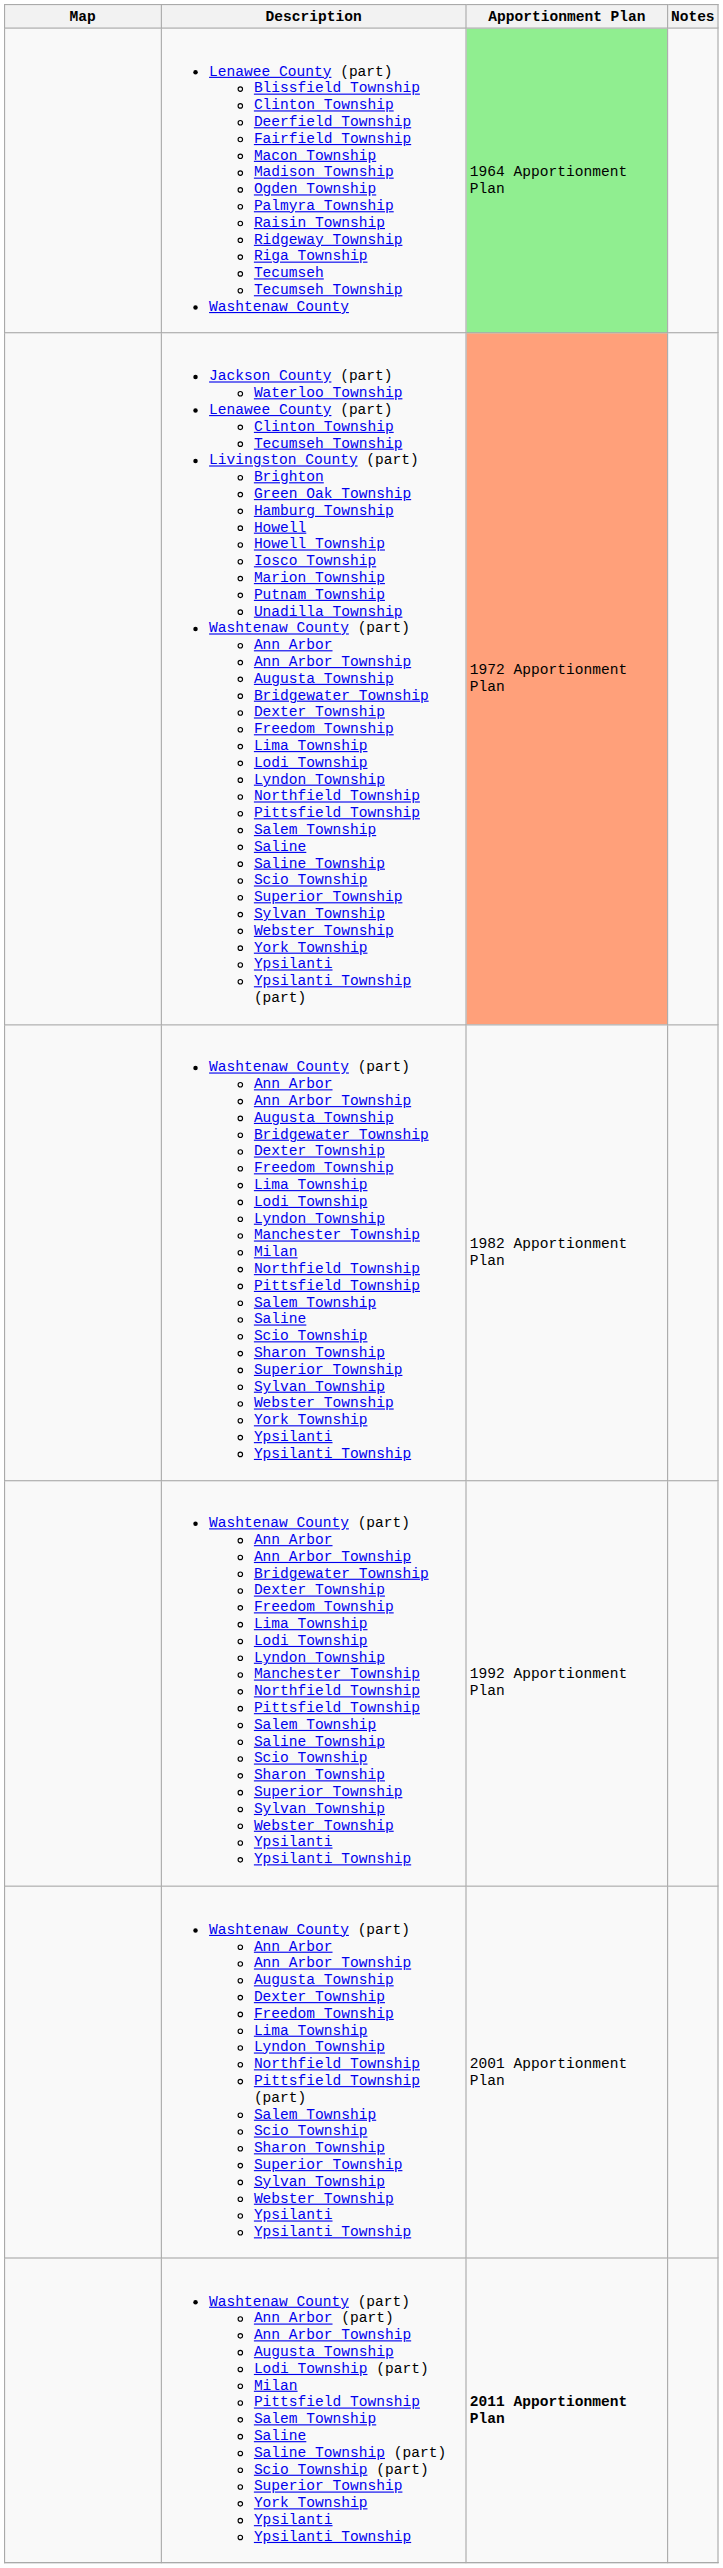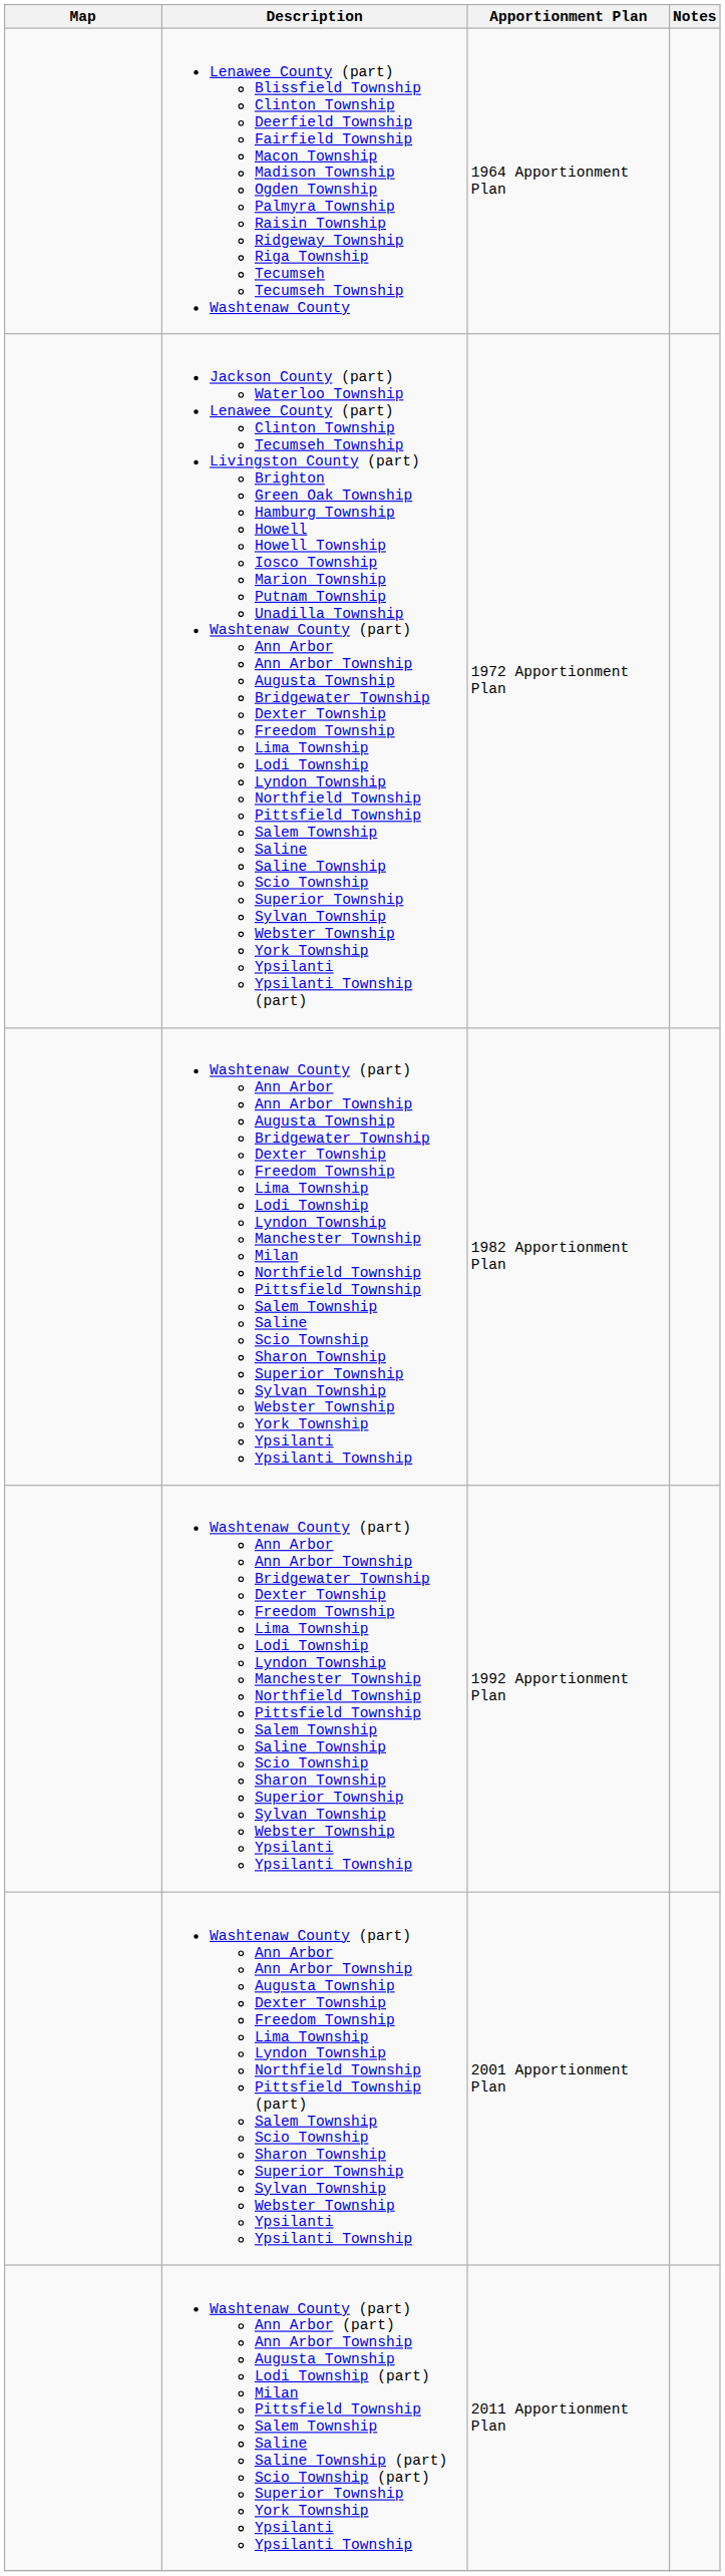 <table class="wikitable sortable">
 <tr>
 <th style="width:100pt;">Map</th>
 <th style="width:200pt;">Description</th>
 <th style="width:130pt;">Apportionment Plan</th>
 <th style="width:15pt;">Notes</th>
 </tr>
 <tr>
 <td></td>
 <td><br><ul><li><a href='#'>Lenawee County</a> (part)<ul><li><a href='#'>Blissfield Township</a></li><li><a href='#'>Clinton Township</a></li><li><a href='#'>Deerfield Township</a></li><li><a href='#'>Fairfield Township</a></li><li><a href='#'>Macon Township</a></li><li><a href='#'>Madison Township</a></li><li><a href='#'>Ogden Township</a></li><li><a href='#'>Palmyra Township</a></li><li><a href='#'>Raisin Township</a></li><li><a href='#'>Ridgeway Township</a></li><li><a href='#'>Riga Township</a></li><li><a href='#'>Tecumseh</a></li><li><a href='#'>Tecumseh Township</a></li></ul></li><li><a href='#'>Washtenaw County</a></li></ul></td>
-<td style="background: lightgreen;">1964 Apportionment Plan</td>
+<td>1964 Apportionment Plan</td>
 <td></td>
 </tr>
 <tr>
 <td></td>
 <td><br><ul><li><a href='#'>Jackson County</a> (part)<ul><li><a href='#'>Waterloo Township</a></li></ul></li><li><a href='#'>Lenawee County</a> (part)<ul><li><a href='#'>Clinton Township</a></li><li><a href='#'>Tecumseh Township</a></li></ul></li><li><a href='#'>Livingston County</a> (part)<ul><li><a href='#'>Brighton</a></li><li><a href='#'>Green Oak Township</a></li><li><a href='#'>Hamburg Township</a></li><li><a href='#'>Howell</a></li><li><a href='#'>Howell Township</a></li><li><a href='#'>Iosco Township</a></li><li><a href='#'>Marion Township</a></li><li><a href='#'>Putnam Township</a></li><li><a href='#'>Unadilla Township</a></li></ul></li><li><a href='#'>Washtenaw County</a> (part)<ul><li><a href='#'>Ann Arbor</a></li><li><a href='#'>Ann Arbor Township</a></li><li><a href='#'>Augusta Township</a></li><li><a href='#'>Bridgewater Township</a></li><li><a href='#'>Dexter Township</a></li><li><a href='#'>Freedom Township</a></li><li><a href='#'>Lima Township</a></li><li><a href='#'>Lodi Township</a></li><li><a href='#'>Lyndon Township</a></li><li><a href='#'>Northfield Township</a></li><li><a href='#'>Pittsfield Township</a></li><li><a href='#'>Salem Township</a></li><li><a href='#'>Saline</a></li><li><a href='#'>Saline Township</a></li><li><a href='#'>Scio Township</a></li><li><a href='#'>Superior Township</a></li><li><a href='#'>Sylvan Township</a></li><li><a href='#'>Webster Township</a></li><li><a href='#'>York Township</a></li><li><a href='#'>Ypsilanti</a></li><li><a href='#'>Ypsilanti Township</a> (part)</li></ul></li></ul></td>
-<td style="background: lightsalmon;">1972 Apportionment Plan</td>
+<td>1972 Apportionment Plan</td>
 <td></td>
 </tr>
 <tr>
 <td></td>
 <td><br><ul><li><a href='#'>Washtenaw County</a> (part)<ul><li><a href='#'>Ann Arbor</a></li><li><a href='#'>Ann Arbor Township</a></li><li><a href='#'>Augusta Township</a></li><li><a href='#'>Bridgewater Township</a></li><li><a href='#'>Dexter Township</a></li><li><a href='#'>Freedom Township</a></li><li><a href='#'>Lima Township</a></li><li><a href='#'>Lodi Township</a></li><li><a href='#'>Lyndon Township</a></li><li><a href='#'>Manchester Township</a></li><li><a href='#'>Milan</a></li><li><a href='#'>Northfield Township</a></li><li><a href='#'>Pittsfield Township</a></li><li><a href='#'>Salem Township</a></li><li><a href='#'>Saline</a></li><li><a href='#'>Scio Township</a></li><li><a href='#'>Sharon Township</a></li><li><a href='#'>Superior Township</a></li><li><a href='#'>Sylvan Township</a></li><li><a href='#'>Webster Township</a></li><li><a href='#'>York Township</a></li><li><a href='#'>Ypsilanti</a></li><li><a href='#'>Ypsilanti Township</a></li></ul></li></ul></td>
 <td>1982 Apportionment Plan</td>
 <td></td>
 </tr>
 <tr>
 <td></td>
 <td><br><ul><li><a href='#'>Washtenaw County</a> (part)<ul><li><a href='#'>Ann Arbor</a></li><li><a href='#'>Ann Arbor Township</a></li><li><a href='#'>Bridgewater Township</a></li><li><a href='#'>Dexter Township</a></li><li><a href='#'>Freedom Township</a></li><li><a href='#'>Lima Township</a></li><li><a href='#'>Lodi Township</a></li><li><a href='#'>Lyndon Township</a></li><li><a href='#'>Manchester Township</a></li><li><a href='#'>Northfield Township</a></li><li><a href='#'>Pittsfield Township</a></li><li><a href='#'>Salem Township</a></li><li><a href='#'>Saline Township</a></li><li><a href='#'>Scio Township</a></li><li><a href='#'>Sharon Township</a></li><li><a href='#'>Superior Township</a></li><li><a href='#'>Sylvan Township</a></li><li><a href='#'>Webster Township</a></li><li><a href='#'>Ypsilanti</a></li><li><a href='#'>Ypsilanti Township</a></li></ul></li></ul></td>
 <td>1992 Apportionment Plan</td>
 <td></td>
 </tr>
 <tr>
 <td></td>
 <td><br><ul><li><a href='#'>Washtenaw County</a> (part)<ul><li><a href='#'>Ann Arbor</a></li><li><a href='#'>Ann Arbor Township</a></li><li><a href='#'>Augusta Township</a></li><li><a href='#'>Dexter Township</a></li><li><a href='#'>Freedom Township</a></li><li><a href='#'>Lima Township</a></li><li><a href='#'>Lyndon Township</a></li><li><a href='#'>Northfield Township</a></li><li><a href='#'>Pittsfield Township</a> (part)</li><li><a href='#'>Salem Township</a></li><li><a href='#'>Scio Township</a></li><li><a href='#'>Sharon Township</a></li><li><a href='#'>Superior Township</a></li><li><a href='#'>Sylvan Township</a></li><li><a href='#'>Webster Township</a></li><li><a href='#'>Ypsilanti</a></li><li><a href='#'>Ypsilanti Township</a></li></ul></li></ul></td>
 <td>2001 Apportionment Plan</td>
 <td></td>
 </tr>
 <tr>
 <td></td>
 <td><br><ul><li><a href='#'>Washtenaw County</a> (part)<ul><li><a href='#'>Ann Arbor</a> (part)</li><li><a href='#'>Ann Arbor Township</a></li><li><a href='#'>Augusta Township</a></li><li><a href='#'>Lodi Township</a> (part)</li><li><a href='#'>Milan</a></li><li><a href='#'>Pittsfield Township</a></li><li><a href='#'>Salem Township</a></li><li><a href='#'>Saline</a></li><li><a href='#'>Saline Township</a> (part)</li><li><a href='#'>Scio Township</a> (part)</li><li><a href='#'>Superior Township</a></li><li><a href='#'>York Township</a></li><li><a href='#'>Ypsilanti</a></li><li><a href='#'>Ypsilanti Township</a></li></ul></li></ul></td>
-<td><strong>2011 Apportionment Plan</strong></td>
+<td>2011 Apportionment Plan</td>
 <td></td>
 </tr>
 <tr>
 </tr>
 </table>
